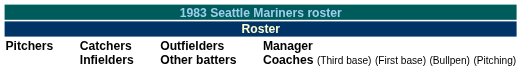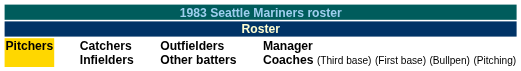 <table class="toccolours" style="font-size: 95%;">
 <tr>
 <th colspan="10" style="background:#005c5c; color:#9eceee; text-align:center;">1983 Seattle Mariners roster</th>
 </tr>
 <tr>
 <td colspan="10" style="background:#036; color:#fffdd0; text-align:center;"><strong>Roster</strong></td>
 </tr>
 <tr>
-<td valign="top"><strong>Pitchers</strong><br>             </td>
+<td valign="top" style="background: gold;"><strong>Pitchers</strong><br>             </td>
 <td style="width:25px;"></td>
 <td valign="top"><strong>Catchers</strong><br>    <strong>Infielders</strong>             </td>
 <td style="width:25px;"></td>
 <td valign="top"><strong>Outfielders</strong><br>        <strong>Other batters</strong>  </td>
 <td style="width:25px;"></td>
 <td valign="top"><strong>Manager</strong><br>  <strong>Coaches</strong>  <small>(Third base)</small>  <small>(First base)</small>  <small>(Bullpen)</small>  <small>(Pitching)</small></td>
 </tr>
 </table>
